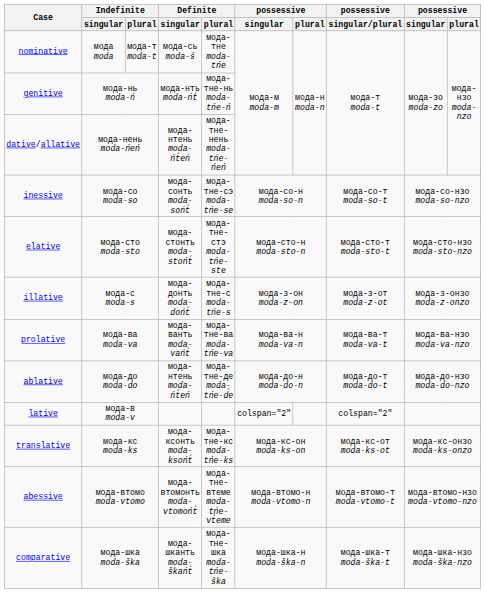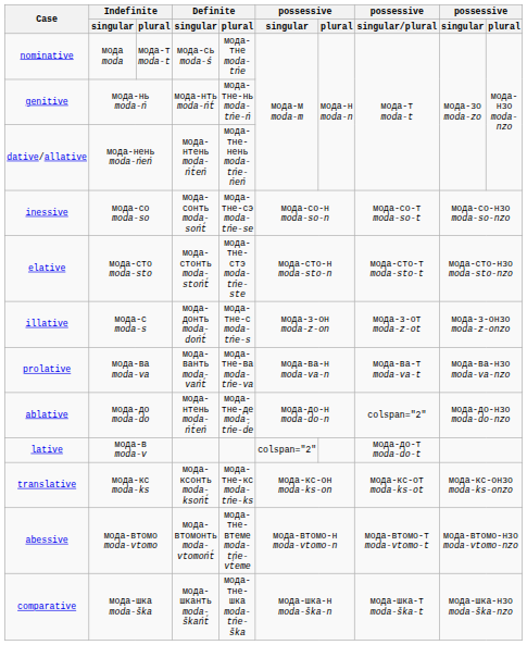 <table class=wikitable style=text-align:center>
 <tr>
 <th rowspan="2">Case</th>
 <th colspan="2">Indefinite</th>
 <th colspan="2">Definite</th>
 <th colspan="2"> possessive</th>
 <th> possessive</th>
 <th colspan="2"> possessive</th>
 </tr>
 <tr>
 <th>singular</th>
 <th>plural</th>
 <th>singular</th>
 <th>plural</th>
 <th>singular</th>
 <th>plural</th>
 <th>singular/plural</th>
 <th>singular</th>
 <th>plural</th>
 </tr>
 <tr>
 <td><a href='#'>nominative</a></td>
 <td>мода <br> <em>moda</em></td>
 <td>мода-т <br> <em>moda-t</em></td>
 <td>мода-сь <br> <em>moda-ś</em></td>
 <td>мода-тне <br> <em>moda-tńe</em></td>
 <td rowspan="3">мода-м <br> <em>moda-m</em></td>
 <td rowspan="3">мода-н <br> <em>moda-n</em></td>
 <td rowspan="3">мода-т <br> <em>moda-t</em></td>
 <td rowspan="3">мода-зo <br> <em>moda-zo</em></td>
 <td rowspan="3">мода-нзo <br> <em>moda-nzo</em></td>
 </tr>
 <tr>
 <td><a href='#'>genitive</a></td>
 <td colspan="2">мода-нь <br> <em>moda-ń</em></td>
 <td>мода-нть <br> <em>moda-ńt́</em></td>
 <td>мода-тне-нь <br> <em>moda-tńe-ń</em></td>
 </tr>
 <tr>
 <td><a href='#'>dative</a>/<a href='#'>allative</a></td>
 <td colspan="2">мода-нень <br> <em>moda-ńeń</em></td>
 <td>мода-нтень <br> <em>moda-ńt́eń</em></td>
 <td>мода-тне-нень <br> <em>moda-tńe-ńeń</em></td>
 </tr>
 <tr>
 <td><a href='#'>inessive</a></td>
 <td colspan="2">мода-со <br> <em>moda-so</em></td>
 <td>мода-сонть <br> <em>moda-sońt́</em></td>
 <td>мода-тне-сэ <br> <em>moda-tńe-se</em></td>
 <td colspan="2">мода-со-н <br> <em>moda-so-n</em></td>
 <td>мода-со-т <br> <em>moda-so-t</em></td>
 <td colspan="2">мода-со-нзo <br> <em>moda-so-nzo</em></td>
 </tr>
 <tr>
 <td><a href='#'>elative</a></td>
 <td colspan="2">мода-сто <br> <em>moda-sto</em></td>
 <td>мода-стонть <br> <em>moda-stońt́</em></td>
 <td>мода-тне-стэ <br> <em>moda-tńe-ste</em></td>
 <td colspan="2">мода-сто-н <br> <em>moda-sto-n</em></td>
 <td>мода-сто-т <br> <em>moda-sto-t</em></td>
 <td colspan="2">мода-сто-нзo <br> <em>moda-sto-nzo</em></td>
 </tr>
 <tr>
 <td><a href='#'>illative</a></td>
 <td colspan="2">мода-с <br> <em>moda-s</em></td>
 <td>мода-донть <br> <em>moda-dońt́</em></td>
 <td>мода-тне-с <br> <em>moda-tńe-s</em></td>
 <td colspan="2">мода-з-oн <br> <em>moda-z-on</em></td>
 <td>мода-з-oт <br> <em>moda-z-ot</em></td>
 <td colspan="2">мода-з-oнзo <br> <em>moda-z-onzo</em></td>
 </tr>
 <tr>
 <td><a href='#'>prolative</a></td>
 <td colspan="2">мода-ва <br> <em>moda-va</em></td>
 <td>мода-ванть <br> <em>moda-vańt́</em></td>
 <td>мода-тне-ва <br> <em>moda-tńe-va</em></td>
 <td colspan="2">мода-ва-н <br> <em>moda-va-n</em></td>
 <td>мода-ва-т <br> <em>moda-va-t</em></td>
 <td colspan="2">мода-ва-нзo <br> <em>moda-va-nzo</em></td>
 </tr>
 <tr>
 <td><a href='#'>ablative</a></td>
 <td colspan="2">мода-до <br> <em>moda-do</em></td>
 <td>мода-нтень <br> <em>moda-ńt́eń</em></td>
 <td>мода-тне-дe <br> <em>moda-tńe-d́e</em></td>
 <td colspan="2">мода-до-н <br> <em>moda-do-n</em></td>
-<td>мода-до-т <br> <em>moda-do-t</em></td>
+<td>colspan="2" </td>
 <td colspan="2">мода-до-нзo <br> <em>moda-do-nzo</em></td>
 </tr>
 <tr>
 <td><a href='#'>lative</a></td>
 <td colspan="2">мода-в <br> <em>moda-v</em></td>
 <td></td>
 <td></td>
 <td>colspan="2" </td>
 <td></td>
-<td>colspan="2" </td>
+<td>мода-до-т <br> <em>moda-do-t</em></td>
 </tr>
 <tr>
 <td><a href='#'>translative</a></td>
 <td colspan="2">мода-кс <br> <em>moda-ks</em></td>
 <td>мода-ксонть <br> <em>moda-ksońt́</em></td>
 <td>мода-тне-кс <br> <em>moda-tńe-ks</em></td>
 <td colspan="2">мода-кс-oн <br> <em>moda-ks-on</em></td>
 <td>мода-кс-oт <br> <em>moda-ks-ot</em></td>
 <td colspan="2">мода-кс-oнзo <br> <em>moda-ks-onzo</em></td>
 </tr>
 <tr>
 <td><a href='#'>abessive</a></td>
 <td colspan="2">мода-втомо <br> <em>moda-vtomo</em></td>
 <td>мода-втомонть <br> <em>moda-vtomońt́</em></td>
 <td>мода-тне-втеме <br> <em>moda-tńe-vt́eme</em></td>
 <td colspan="2">мода-втомо-н <br> <em>moda-vtomo-n</em></td>
 <td>мода-втомо-т <br> <em>moda-vtomo-t</em></td>
 <td colspan="2">мода-втомо-нзo <br> <em>moda-vtomo-nzo</em></td>
 </tr>
 <tr>
 <td><a href='#'>comparative</a></td>
 <td colspan="2">мода-шка <br> <em>moda-ška</em></td>
 <td>мода-шканть <br> <em>moda-škańt́</em></td>
 <td>мода-тне-шка <br> <em>moda-tńe-ška</em></td>
 <td colspan="2">мода-шка-н <br> <em>moda-ška-n</em></td>
 <td>мода-шка-т <br> <em>moda-ška-t</em></td>
 <td colspan="2">мода-шка-нзo <br> <em>moda-ška-nzo</em></td>
 </tr>
 </table>
